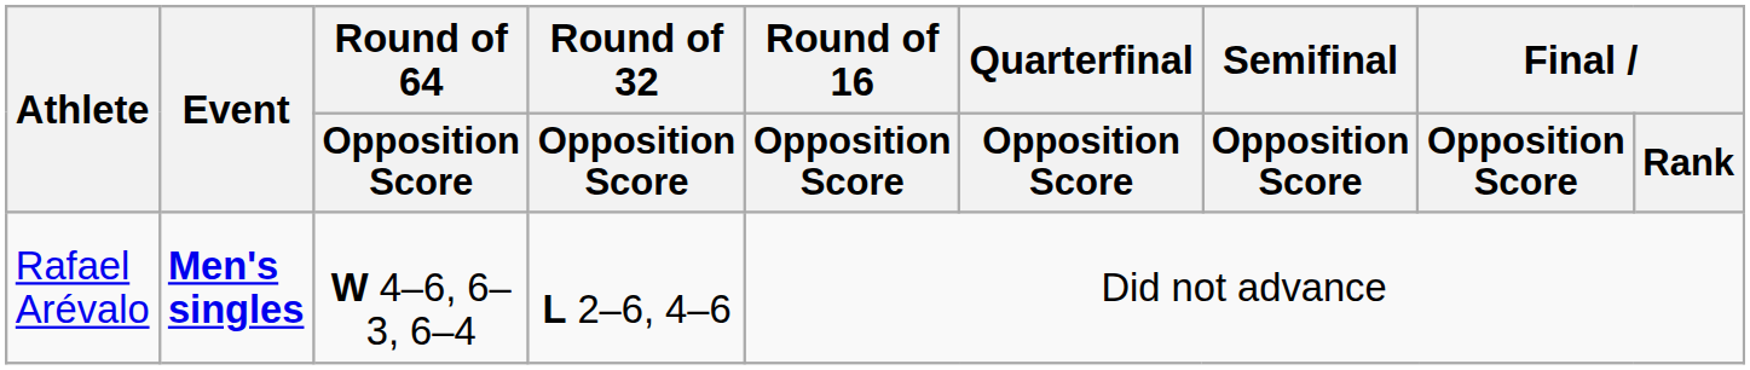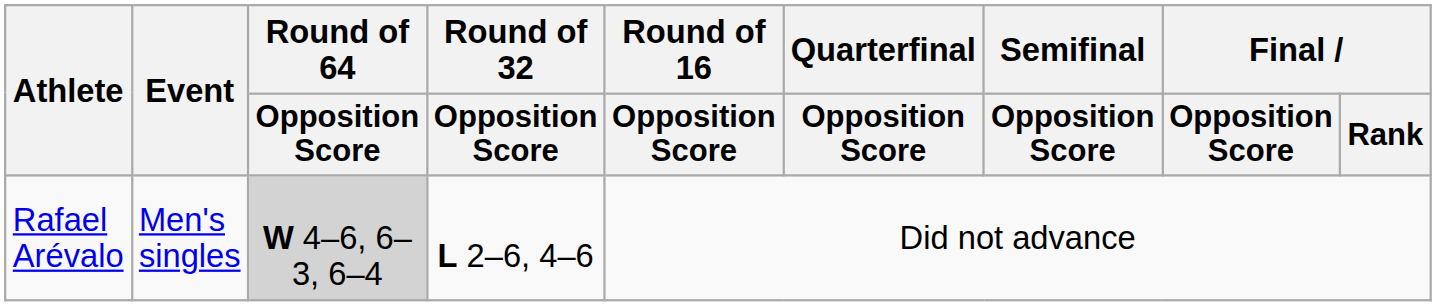 <table class=wikitable style="font-size:90%">
 <tr>
 <th rowspan="2">Athlete</th>
 <th rowspan="2">Event</th>
 <th>Round of 64</th>
 <th>Round of 32</th>
 <th>Round of 16</th>
 <th>Quarterfinal</th>
 <th>Semifinal</th>
 <th colspan=2>Final / </th>
 </tr>
 <tr style="font-size:95%">
 <th>Opposition<br>Score</th>
 <th>Opposition<br>Score</th>
 <th>Opposition<br>Score</th>
 <th>Opposition<br>Score</th>
 <th>Opposition<br>Score</th>
 <th>Opposition<br>Score</th>
 <th>Rank</th>
 </tr>
 <tr align=center>
 <td align=left><a href='#'>Rafael Arévalo</a></td>
-<td align=left><strong><a href='#'>Men's singles</a></strong></td>
-<td><br><strong>W</strong> 4–6, 6–3, 6–4</td>
+<td align=left><a href='#'>Men's singles</a></td>
+<td style="background: lightgrey;"><br><strong>W</strong> 4–6, 6–3, 6–4</td>
 <td><br><strong>L</strong> 2–6, 4–6</td>
 <td colspan=5>Did not advance</td>
 </tr>
 </table>
